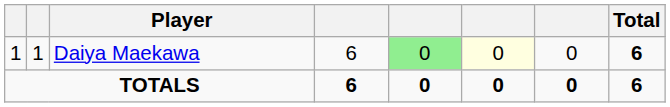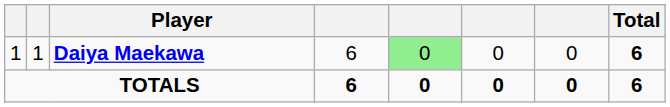 <table class="wikitable sortable" style="text-align:center">
 <tr>
 <th width=10></th>
 <th width=10></th>
 <th width=200>Player</th>
 <th width=50></th>
 <th width=50></th>
 <th width=50></th>
 <th width=50></th>
 <th>Total</th>
 </tr>
 <tr>
 <td>1</td>
 <td>1</td>
-<td align="left"> <a href='#'>Daiya Maekawa</a></td>
+<td align="left"><strong> <a href='#'>Daiya Maekawa</a></strong></td>
 <td>6</td>
 <td style="background: lightgreen;">0</td>
-<td style="background: lightyellow;">0</td>
+<td>0</td>
 <td>0</td>
 <td><strong>6</strong></td>
 </tr>
 <tr>
 <td colspan="3"><strong>TOTALS</strong></td>
 <td><strong>6</strong></td>
 <td><strong>0</strong></td>
 <td><strong>0</strong></td>
 <td><strong>0</strong></td>
 <td><strong>6</strong></td>
 </tr>
 </table>
